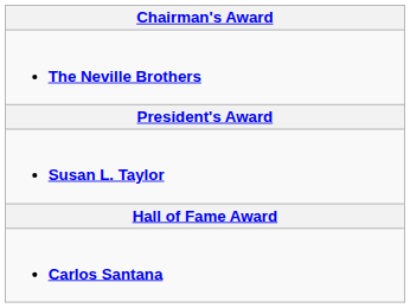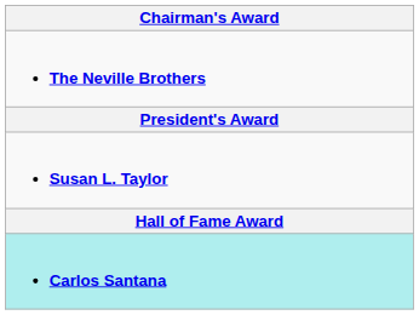 <table class="wikitable">
 <tr>
 <th style="width=50%"><a href='#'>Chairman's Award</a></th>
 </tr>
 <tr>
 <td width="50%" valign="top"><br><ul><li><strong><a href='#'>The Neville Brothers</a></strong></li></ul></td>
 </tr>
 <tr>
 <th style="width=50%"><a href='#'>President's Award</a></th>
 </tr>
 <tr>
 <td width="50%" valign="top"><br><ul><li><strong><a href='#'>Susan L. Taylor</a></strong></li></ul></td>
 </tr>
 <tr>
 <th style="width=50%"><a href='#'>Hall of Fame Award</a></th>
 </tr>
 <tr>
-<td width="50%" valign="top"><br><ul><li><strong><a href='#'>Carlos Santana</a></strong></li></ul></td>
+<td width="50%" valign="top" style="background: paleturquoise;"><br><ul><li><strong><a href='#'>Carlos Santana</a></strong></li></ul></td>
 </tr>
 </table>
